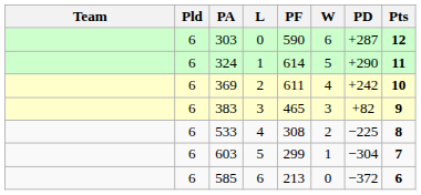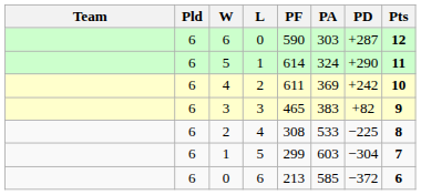 <table class=wikitable style="text-align:center">
 <tr>
 <th width=180>Team</th>
 <th width=30>Pld</th>
-<th width=30>PA</th>
+<th width=30>W</th>
 <th width=30>L</th>
 <th width=30>PF</th>
-<th width=30>W</th>
+<th width=30>PA</th>
 <th width=30>PD</th>
 <th width=30>Pts</th>
 </tr>
 <tr bgcolor="#ccffcc">
 <td align="left"></td>
 <td>6</td>
-<td>303</td>
+<td>6</td>
 <td>0</td>
 <td>590</td>
-<td>6</td>
+<td>303</td>
 <td>+287</td>
 <td><strong>12</strong></td>
 </tr>
 <tr bgcolor="#ccffcc">
 <td align="left"></td>
 <td>6</td>
-<td>324</td>
+<td>5</td>
 <td>1</td>
 <td>614</td>
-<td>5</td>
+<td>324</td>
 <td>+290</td>
 <td><strong>11</strong></td>
 </tr>
 <tr bgcolor="#ffffcc">
 <td align="left"></td>
 <td>6</td>
-<td>369</td>
+<td>4</td>
 <td>2</td>
 <td>611</td>
-<td>4</td>
+<td>369</td>
 <td>+242</td>
 <td><strong>10</strong></td>
 </tr>
 <tr bgcolor="#ffffcc">
 <td align="left"></td>
 <td>6</td>
-<td>383</td>
+<td>3</td>
 <td>3</td>
 <td>465</td>
-<td>3</td>
+<td>383</td>
 <td>+82</td>
 <td><strong>9</strong></td>
 </tr>
 <tr>
 <td align="left"></td>
 <td>6</td>
-<td>533</td>
+<td>2</td>
 <td>4</td>
 <td>308</td>
-<td>2</td>
+<td>533</td>
 <td>−225</td>
 <td><strong>8</strong></td>
 </tr>
 <tr>
 <td align="left"></td>
 <td>6</td>
-<td>603</td>
+<td>1</td>
 <td>5</td>
 <td>299</td>
-<td>1</td>
+<td>603</td>
 <td>−304</td>
 <td><strong>7</strong></td>
 </tr>
 <tr>
 <td align="left"></td>
 <td>6</td>
-<td>585</td>
+<td>0</td>
 <td>6</td>
 <td>213</td>
-<td>0</td>
+<td>585</td>
 <td>−372</td>
 <td><strong>6</strong></td>
 </tr>
 </table>
